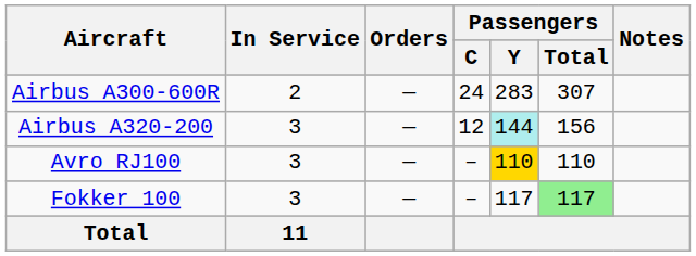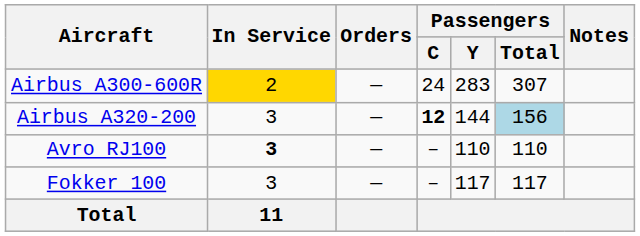 <table class="wikitable" style="border-collapse:collapse;text-align:center;margin:auto;">
 <tr>
 <th rowspan="2">Aircraft</th>
 <th rowspan="2">In Service</th>
 <th rowspan="2">Orders</th>
 <th colspan ="3">Passengers</th>
 <th rowspan="2">Notes</th>
 </tr>
 <tr>
 <th><abbr>C</abbr></th>
 <th><abbr>Y</abbr></th>
 <th>Total</th>
 </tr>
 <tr>
 <td><a href='#'>Airbus A300-600R</a></td>
-<td>2</td>
+<td style="background: gold;">2</td>
 <td>—</td>
 <td>24</td>
 <td>283</td>
 <td>307</td>
 <td></td>
 </tr>
 <tr>
 <td><a href='#'>Airbus A320-200</a></td>
 <td>3</td>
 <td>—</td>
-<td>12</td>
-<td style="background: paleturquoise;">144</td>
-<td>156</td>
+<td><strong>12</strong></td>
+<td>144</td>
+<td style="background: lightblue;">156</td>
 <td></td>
 </tr>
 <tr>
 <td><a href='#'>Avro RJ100</a></td>
-<td>3</td>
+<td><strong>3</strong></td>
 <td>—</td>
 <td>–</td>
-<td style="background: gold;">110</td>
+<td>110</td>
 <td>110</td>
 <td></td>
 </tr>
 <tr>
 <td><a href='#'>Fokker 100</a></td>
 <td>3</td>
 <td>—</td>
 <td>–</td>
 <td>117</td>
-<td style="background: lightgreen;">117</td>
+<td>117</td>
 <td></td>
 </tr>
 <tr>
 <th>Total</th>
 <th>11</th>
 <th></th>
 <th colspan="4"></th>
 </tr>
 </table>
